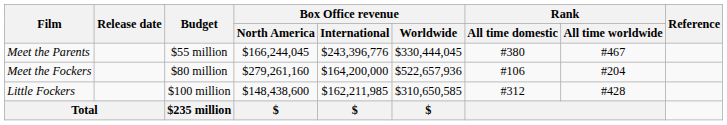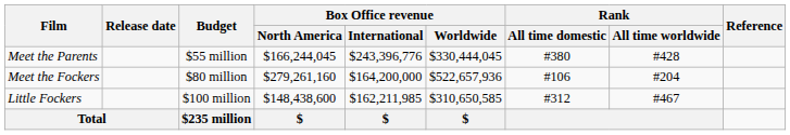 <table class="wikitable plainrowheaders" style="text-align:center;">
 <tr>
 <th rowspan="2">Film</th>
 <th rowspan="2">Release date</th>
 <th rowspan="2">Budget</th>
 <th colspan="3">Box Office revenue</th>
 <th colspan="2">Rank</th>
 <th rowspan="2">Reference</th>
 </tr>
 <tr>
 <th>North America</th>
 <th>International</th>
 <th>Worldwide</th>
 <th>All time domestic</th>
 <th>All time worldwide</th>
 </tr>
 <tr>
 <td style="text-align:left"><em>Meet the Parents</em></td>
 <td></td>
 <td>$55 million</td>
 <td>$166,244,045</td>
 <td>$243,396,776</td>
 <td>$330,444,045</td>
 <td>#380</td>
-<td>#467</td>
+<td>#428</td>
 <td></td>
 </tr>
 <tr>
 <td style="text-align:left"><em>Meet the Fockers</em></td>
 <td></td>
 <td>$80 million</td>
 <td>$279,261,160</td>
 <td>$164,200,000</td>
 <td>$522,657,936</td>
 <td>#106</td>
 <td>#204</td>
 <td></td>
 </tr>
 <tr>
 <td style="text-align:left"><em>Little Fockers</em></td>
 <td></td>
 <td>$100 million</td>
 <td>$148,438,600</td>
 <td>$162,211,985</td>
 <td>$310,650,585</td>
 <td>#312</td>
-<td>#428</td>
+<td>#467</td>
 <td></td>
 </tr>
 <tr>
 <th colspan="2">Total</th>
 <th>$235 million</th>
 <th>$</th>
 <th>$</th>
 <th>$</th>
 <th colspan="2"></th>
 <td></td>
 </tr>
 </table>
